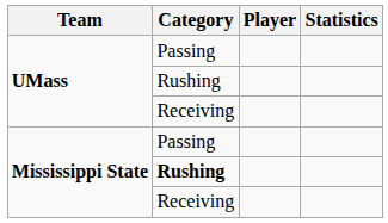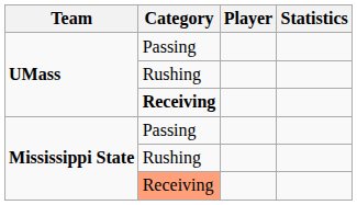 <table class="wikitable" style="float: right;">
 <tr>
 <th>Team</th>
 <th>Category</th>
 <th>Player</th>
 <th>Statistics</th>
 </tr>
 <tr>
 <td rowspan=3><strong>UMass</strong></td>
 <td>Passing</td>
 <td></td>
 <td></td>
 </tr>
 <tr>
 <td>Rushing</td>
 <td></td>
 <td></td>
 </tr>
 <tr>
-<td>Receiving</td>
+<td><strong>Receiving</strong></td>
 <td></td>
 <td></td>
 </tr>
 <tr>
 <td rowspan=3><strong>Mississippi State</strong></td>
 <td>Passing</td>
 <td></td>
 <td></td>
 </tr>
 <tr>
-<td><strong>Rushing</strong></td>
+<td>Rushing</td>
 <td></td>
 <td></td>
 </tr>
 <tr>
-<td>Receiving</td>
+<td style="background: lightsalmon;">Receiving</td>
 <td></td>
 <td></td>
 </tr>
 </table>
